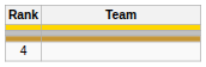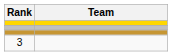 <table class="wikitable" style="text-align:center;">
 <tr>
 <th width=40>Rank</th>
 <th width=200>Team</th>
 </tr>
 <tr bgcolor="gold">
 <td></td>
 <td style="text-align:left;"></td>
 </tr>
 <tr bgcolor="silver">
 <td></td>
 <td style="text-align:left;"></td>
 </tr>
 <tr bgcolor="#C69633">
 <td></td>
 <td style="text-align:left;"></td>
 </tr>
 <tr>
-<td>4</td>
+<td>3</td>
 <td style="text-align:left;"></td>
 </tr>
 </table>
